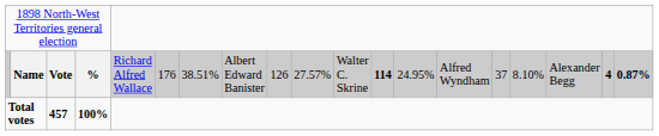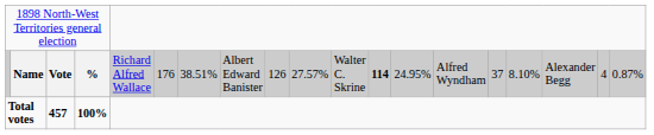 <table class="wikitable">
 <tr>
 <td colspan=4 align=center><a href='#'>1898 North-West Territories general election</a></td>
 </tr>
 <tr bgcolor="CCCCCC">
 <td></td>
 <th>Name</th>
 <th>Vote</th>
 <th>%<br></th>
 <td><a href='#'>Richard Alfred Wallace</a></td>
 <td>176</td>
 <td>38.51%<br></td>
 <td>Albert Edward Banister</td>
 <td>126</td>
 <td>27.57%<br></td>
 <td>Walter C. Skrine</td>
 <td><strong>114</strong></td>
 <td>24.95%<br></td>
 <td>Alfred Wyndham</td>
 <td>37</td>
 <td>8.10%<br></td>
 <td>Alexander Begg</td>
-<td><strong>4</strong></td>
-<td><strong>0.87%</strong></td>
+<td>4</td>
+<td>0.87%</td>
 </tr>
 <tr>
 <td colspan=2><strong>Total votes</strong></td>
 <td><strong>457</strong></td>
 <td><strong>100%</strong></td>
 </tr>
 </table>
